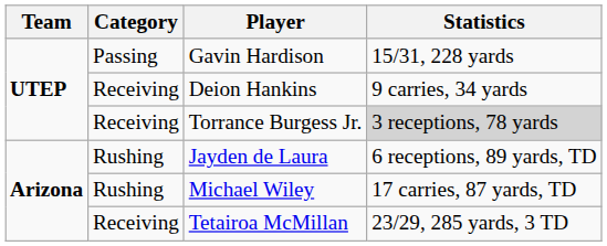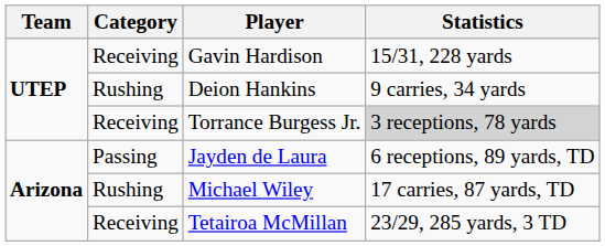 <table class="wikitable" style="float: right;">
 <tr>
 <th>Team</th>
 <th>Category</th>
 <th>Player</th>
 <th>Statistics</th>
 </tr>
 <tr>
 <td rowspan=3><strong>UTEP</strong></td>
-<td>Passing</td>
+<td>Receiving</td>
 <td>Gavin Hardison</td>
 <td>15/31, 228 yards</td>
 </tr>
 <tr>
-<td>Receiving</td>
+<td>Rushing</td>
 <td>Deion Hankins</td>
 <td>9 carries, 34 yards</td>
 </tr>
 <tr>
 <td>Receiving</td>
 <td>Torrance Burgess Jr.</td>
 <td style="background: lightgrey;">3 receptions, 78 yards</td>
 </tr>
 <tr>
 <td rowspan=3><strong>Arizona</strong></td>
-<td>Rushing</td>
+<td>Passing</td>
 <td><a href='#'>Jayden de Laura</a></td>
 <td>6 receptions, 89 yards, TD</td>
 </tr>
 <tr>
 <td>Rushing</td>
 <td><a href='#'>Michael Wiley</a></td>
 <td>17 carries, 87 yards, TD</td>
 </tr>
 <tr>
 <td>Receiving</td>
 <td><a href='#'>Tetairoa McMillan</a></td>
 <td>23/29, 285 yards, 3 TD</td>
 </tr>
 </table>
